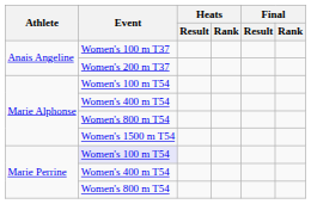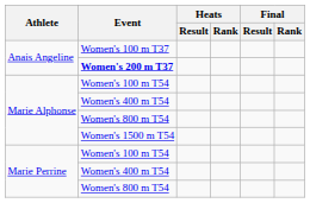 <table class=wikitable style="font-size:90%">
 <tr>
 <th rowspan="2">Athlete</th>
 <th rowspan="2">Event</th>
 <th colspan="2">Heats</th>
 <th colspan="2">Final</th>
 </tr>
 <tr>
 <th>Result</th>
 <th>Rank</th>
 <th>Result</th>
 <th>Rank</th>
 </tr>
 <tr align=center>
 <td align=left rowspan=2><a href='#'>Anais Angeline</a></td>
 <td align=left><a href='#'>Women's 100 m T37</a></td>
 <td></td>
 <td></td>
 <td></td>
 <td></td>
 </tr>
 <tr align=center>
-<td align=left><a href='#'>Women's 200 m T37</a></td>
+<td align=left><strong><a href='#'>Women's 200 m T37</a></strong></td>
 <td></td>
 <td></td>
 <td></td>
 <td></td>
 </tr>
 <tr align=center>
 <td align=left rowspan=4><a href='#'>Marie Alphonse</a></td>
 <td align=left><a href='#'>Women's 100 m T54</a></td>
 <td></td>
 <td></td>
 <td></td>
 <td></td>
 </tr>
 <tr align=center>
 <td align=left><a href='#'>Women's 400 m T54</a></td>
 <td></td>
 <td></td>
 <td></td>
 <td></td>
 </tr>
 <tr align=center>
 <td align=left><a href='#'>Women's 800 m T54</a></td>
 <td></td>
 <td></td>
 <td></td>
 <td></td>
 </tr>
 <tr align=center>
 <td align=left><a href='#'>Women's 1500 m T54</a></td>
 <td></td>
 <td></td>
 <td></td>
 <td></td>
 </tr>
 <tr align=center>
 <td align=left rowspan=3><a href='#'>Marie Perrine</a></td>
-<td align=left style="background: lavender;"><a href='#'>Women's 100 m T54</a></td>
+<td align=left><a href='#'>Women's 100 m T54</a></td>
 <td></td>
 <td></td>
 <td></td>
 <td></td>
 </tr>
 <tr align=center>
 <td align=left><a href='#'>Women's 400 m T54</a></td>
 <td></td>
 <td></td>
 <td></td>
 <td></td>
 </tr>
 <tr align=center>
 <td align=left><a href='#'>Women's 800 m T54</a></td>
 <td></td>
 <td></td>
 <td></td>
 <td></td>
 </tr>
 </table>
